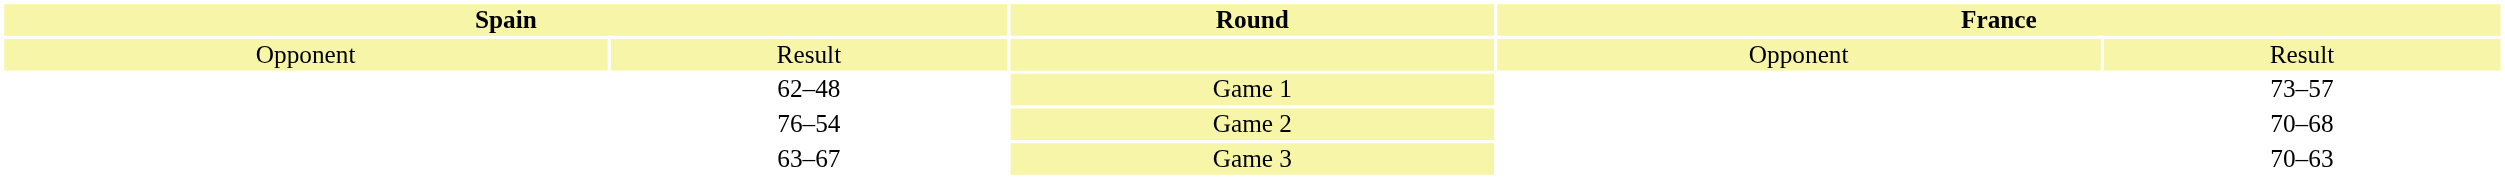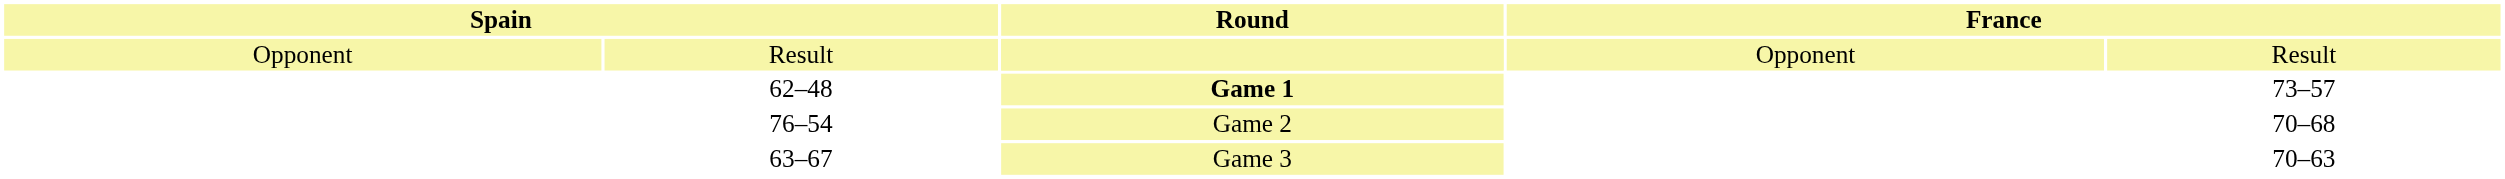 <table width="100%" style="text-align:center">
 <tr valign=top bgcolor=#F7F6A8>
 <th colspan=2>Spain</th>
 <th>Round</th>
 <th colspan=2>France</th>
 </tr>
 <tr valign=top bgcolor=#F7F6A8>
 <td>Opponent</td>
 <td>Result</td>
 <td bgcolor=#F7F6A8></td>
 <td>Opponent</td>
 <td>Result</td>
 </tr>
 <tr>
 <td align=left></td>
 <td>62–48</td>
-<td bgcolor=#F7F6A8>Game 1</td>
+<td bgcolor=#F7F6A8><strong>Game 1</strong></td>
 <td align=left></td>
 <td>73–57</td>
 </tr>
 <tr>
 <td align=left></td>
 <td>76–54</td>
 <td bgcolor=#F7F6A8>Game 2</td>
 <td align=left></td>
 <td>70–68</td>
 </tr>
 <tr>
 <td align=left></td>
 <td>63–67</td>
 <td bgcolor=#F7F6A8>Game 3</td>
 <td align=left></td>
 <td>70–63</td>
 </tr>
 <tr>
 <td colspan="2" align=center><br>    </td>
 </tr>
 </table>
